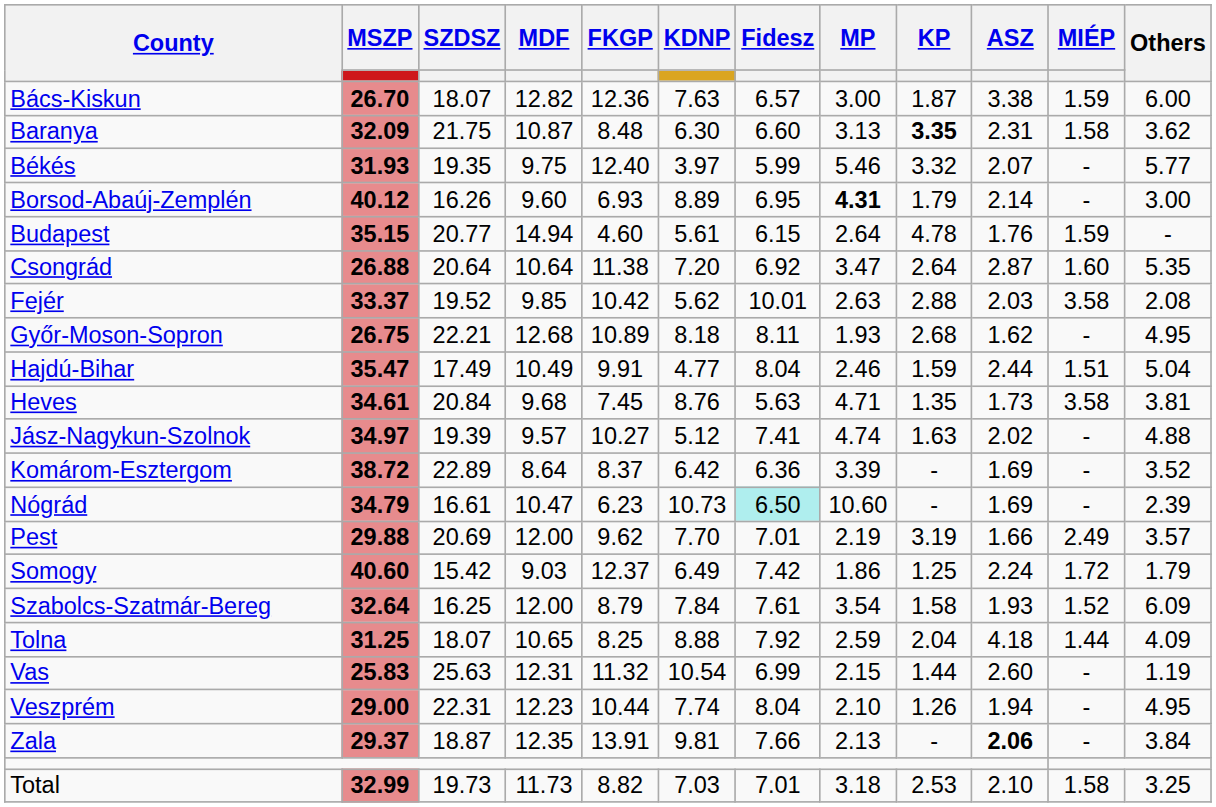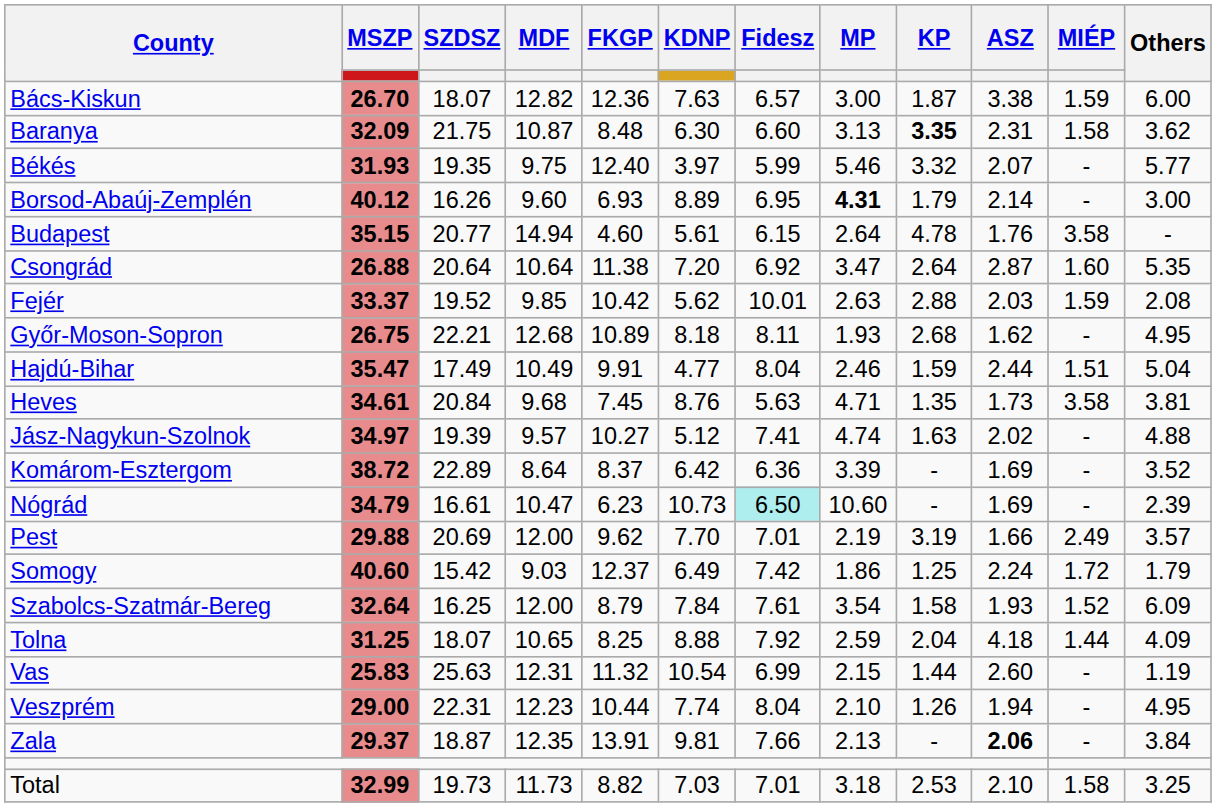 <table class="wikitable sortable" style="text-align:center;font-size:90%;line-height:14px">
 <tr style="height:40px;">
 <th style="width:200px;" rowspan="2"><a href='#'>County</a></th>
 <th style="width:40px;"><a href='#'>MSZP</a></th>
 <th style="width:40px;"><a href='#'>SZDSZ</a></th>
 <th style="width:40px;"><a href='#'>MDF</a></th>
 <th style="width:40px;"><a href='#'>FKGP</a></th>
 <th style="width:40px;"><a href='#'>KDNP</a></th>
 <th style="width:40px;"><a href='#'>Fidesz</a></th>
 <th style="width:40px;"><a href='#'>MP</a></th>
 <th style="width:40px;"><a href='#'>KP</a></th>
 <th style="width:40px;"><a href='#'>ASZ</a></th>
 <th style="width:40px;"><a href='#'>MIÉP</a></th>
 <th class="unsortable" style="width:40px;" rowspan="2">Others</th>
 </tr>
 <tr>
 <th style="background:#CE171B;"></th>
 <th style="background:"></th>
 <th style="background:"></th>
 <th style="background:"></th>
 <th style="background:#DAA520;"></th>
 <th style="background:"></th>
 <th style="background:"></th>
 <th style="background:"></th>
 <th style="background:"></th>
 <th style="background:"></th>
 </tr>
 <tr>
 <td align="left"><a href='#'>Bács-Kiskun</a></td>
 <td style="background:#e78b8d;"><strong>26.70</strong></td>
 <td>18.07</td>
 <td>12.82</td>
 <td>12.36</td>
 <td>7.63</td>
 <td>6.57</td>
 <td>3.00</td>
 <td>1.87</td>
 <td>3.38</td>
 <td>1.59</td>
 <td>6.00</td>
 </tr>
 <tr>
 <td align="left"><a href='#'>Baranya</a></td>
 <td style="background:#e78b8d;"><strong>32.09</strong></td>
 <td>21.75</td>
 <td>10.87</td>
 <td>8.48</td>
 <td>6.30</td>
 <td>6.60</td>
 <td>3.13</td>
 <td><strong>3.35</strong></td>
 <td>2.31</td>
 <td>1.58</td>
 <td>3.62</td>
 </tr>
 <tr>
 <td align="left"><a href='#'>Békés</a></td>
 <td style="background:#e78b8d;"><strong>31.93</strong></td>
 <td>19.35</td>
 <td>9.75</td>
 <td>12.40</td>
 <td>3.97</td>
 <td>5.99</td>
 <td>5.46</td>
 <td>3.32</td>
 <td>2.07</td>
 <td>-</td>
 <td>5.77</td>
 </tr>
 <tr>
 <td align="left"><a href='#'>Borsod-Abaúj-Zemplén</a></td>
 <td style="background:#e78b8d;"><strong>40.12</strong></td>
 <td>16.26</td>
 <td>9.60</td>
 <td>6.93</td>
 <td>8.89</td>
 <td>6.95</td>
 <td><strong>4.31</strong></td>
 <td>1.79</td>
 <td>2.14</td>
 <td>-</td>
 <td>3.00</td>
 </tr>
 <tr>
 <td align="left"><a href='#'>Budapest</a></td>
 <td style="background:#e78b8d;"><strong>35.15</strong></td>
 <td>20.77</td>
 <td>14.94</td>
 <td>4.60</td>
 <td>5.61</td>
 <td>6.15</td>
 <td>2.64</td>
 <td>4.78</td>
 <td>1.76</td>
-<td>1.59</td>
+<td>3.58</td>
 <td>-</td>
 </tr>
 <tr>
 <td align="left"><a href='#'>Csongrád</a></td>
 <td style="background:#e78b8d;"><strong>26.88</strong></td>
 <td>20.64</td>
 <td>10.64</td>
 <td>11.38</td>
 <td>7.20</td>
 <td>6.92</td>
 <td>3.47</td>
 <td>2.64</td>
 <td>2.87</td>
 <td>1.60</td>
 <td>5.35</td>
 </tr>
 <tr>
 <td align="left"><a href='#'>Fejér</a></td>
 <td style="background:#e78b8d;"><strong>33.37</strong></td>
 <td>19.52</td>
 <td>9.85</td>
 <td>10.42</td>
 <td>5.62</td>
 <td>10.01</td>
 <td>2.63</td>
 <td>2.88</td>
 <td>2.03</td>
-<td>3.58</td>
+<td>1.59</td>
 <td>2.08</td>
 </tr>
 <tr>
 <td align="left"><a href='#'>Győr-Moson-Sopron</a></td>
 <td style="background:#e78b8d;"><strong>26.75</strong></td>
 <td>22.21</td>
 <td>12.68</td>
 <td>10.89</td>
 <td>8.18</td>
 <td>8.11</td>
 <td>1.93</td>
 <td>2.68</td>
 <td>1.62</td>
 <td>-</td>
 <td>4.95</td>
 </tr>
 <tr>
 <td align="left"><a href='#'>Hajdú-Bihar</a></td>
 <td style="background:#e78b8d;"><strong>35.47</strong></td>
 <td>17.49</td>
 <td>10.49</td>
 <td>9.91</td>
 <td>4.77</td>
 <td>8.04</td>
 <td>2.46</td>
 <td>1.59</td>
 <td>2.44</td>
 <td>1.51</td>
 <td>5.04</td>
 </tr>
 <tr>
 <td align="left"><a href='#'>Heves</a></td>
 <td style="background:#e78b8d;"><strong>34.61</strong></td>
 <td>20.84</td>
 <td>9.68</td>
 <td>7.45</td>
 <td>8.76</td>
 <td>5.63</td>
 <td>4.71</td>
 <td>1.35</td>
 <td>1.73</td>
 <td>3.58</td>
 <td>3.81</td>
 </tr>
 <tr>
 <td align="left"><a href='#'>Jász-Nagykun-Szolnok</a></td>
 <td style="background:#e78b8d;"><strong>34.97</strong></td>
 <td>19.39</td>
 <td>9.57</td>
 <td>10.27</td>
 <td>5.12</td>
 <td>7.41</td>
 <td>4.74</td>
 <td>1.63</td>
 <td>2.02</td>
 <td>-</td>
 <td>4.88</td>
 </tr>
 <tr>
 <td align="left"><a href='#'>Komárom-Esztergom</a></td>
 <td style="background:#e78b8d;"><strong>38.72</strong></td>
 <td>22.89</td>
 <td>8.64</td>
 <td>8.37</td>
 <td>6.42</td>
 <td>6.36</td>
 <td>3.39</td>
 <td>-</td>
 <td>1.69</td>
 <td>-</td>
 <td>3.52</td>
 </tr>
 <tr>
 <td align="left"><a href='#'>Nógrád</a></td>
 <td style="background:#e78b8d;"><strong>34.79</strong></td>
 <td>16.61</td>
 <td>10.47</td>
 <td>6.23</td>
 <td>10.73</td>
 <td style="background: paleturquoise;">6.50</td>
 <td>10.60</td>
 <td>-</td>
 <td>1.69</td>
 <td>-</td>
 <td>2.39</td>
 </tr>
 <tr>
 <td align="left"><a href='#'>Pest</a></td>
 <td style="background:#e78b8d;"><strong>29.88</strong></td>
 <td>20.69</td>
 <td>12.00</td>
 <td>9.62</td>
 <td>7.70</td>
 <td>7.01</td>
 <td>2.19</td>
 <td>3.19</td>
 <td>1.66</td>
 <td>2.49</td>
 <td>3.57</td>
 </tr>
 <tr>
 <td align="left"><a href='#'>Somogy</a></td>
 <td style="background:#e78b8d;"><strong>40.60</strong></td>
 <td>15.42</td>
 <td>9.03</td>
 <td>12.37</td>
 <td>6.49</td>
 <td>7.42</td>
 <td>1.86</td>
 <td>1.25</td>
 <td>2.24</td>
 <td>1.72</td>
 <td>1.79</td>
 </tr>
 <tr>
 <td align="left"><a href='#'>Szabolcs-Szatmár-Bereg</a></td>
 <td style="background:#e78b8d;"><strong>32.64</strong></td>
 <td>16.25</td>
 <td>12.00</td>
 <td>8.79</td>
 <td>7.84</td>
 <td>7.61</td>
 <td>3.54</td>
 <td>1.58</td>
 <td>1.93</td>
 <td>1.52</td>
 <td>6.09</td>
 </tr>
 <tr>
 <td align="left"><a href='#'>Tolna</a></td>
 <td style="background:#e78b8d;"><strong>31.25</strong></td>
 <td>18.07</td>
 <td>10.65</td>
 <td>8.25</td>
 <td>8.88</td>
 <td>7.92</td>
 <td>2.59</td>
 <td>2.04</td>
 <td>4.18</td>
 <td>1.44</td>
 <td>4.09</td>
 </tr>
 <tr>
 <td align="left"><a href='#'>Vas</a></td>
 <td style="background:#e78b8d;"><strong>25.83</strong></td>
 <td>25.63</td>
 <td>12.31</td>
 <td>11.32</td>
 <td>10.54</td>
 <td>6.99</td>
 <td>2.15</td>
 <td>1.44</td>
 <td>2.60</td>
 <td>-</td>
 <td>1.19</td>
 </tr>
 <tr>
 <td align="left"><a href='#'>Veszprém</a></td>
 <td style="background:#e78b8d;"><strong>29.00</strong></td>
 <td>22.31</td>
 <td>12.23</td>
 <td>10.44</td>
 <td>7.74</td>
 <td>8.04</td>
 <td>2.10</td>
 <td>1.26</td>
 <td>1.94</td>
 <td>-</td>
 <td>4.95</td>
 </tr>
 <tr>
 <td align="left"><a href='#'>Zala</a></td>
 <td style="background:#e78b8d;"><strong>29.37</strong></td>
 <td>18.87</td>
 <td>12.35</td>
 <td>13.91</td>
 <td>9.81</td>
 <td>7.66</td>
 <td>2.13</td>
 <td>-</td>
 <td><strong>2.06</strong></td>
 <td>-</td>
 <td>3.84</td>
 </tr>
 <tr>
 <td colspan=10></td>
 </tr>
 <tr>
 <td align="left">Total</td>
 <td style="background:#e78b8d;"><strong>32.99</strong></td>
 <td>19.73</td>
 <td>11.73</td>
 <td>8.82</td>
 <td>7.03</td>
 <td>7.01</td>
 <td>3.18</td>
 <td>2.53</td>
 <td>2.10</td>
 <td>1.58</td>
 <td>3.25</td>
 </tr>
 </table>
